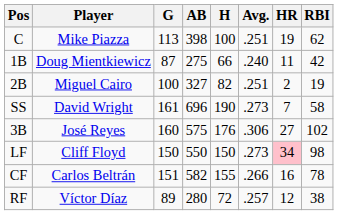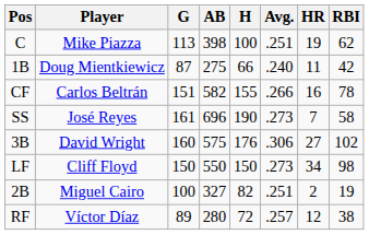 <table class="wikitable sortable">
 <tr>
 <th>Pos</th>
 <th>Player</th>
 <th>G</th>
 <th>AB</th>
 <th>H</th>
 <th>Avg.</th>
 <th>HR</th>
 <th>RBI</th>
 </tr>
 <tr align="center">
 <td>C</td>
 <td><a href='#'>Mike Piazza</a></td>
 <td>113</td>
 <td>398</td>
 <td>100</td>
 <td>.251</td>
 <td>19</td>
 <td>62</td>
 </tr>
 <tr align="center">
 <td>1B</td>
 <td><a href='#'>Doug Mientkiewicz</a></td>
 <td>87</td>
 <td>275</td>
 <td>66</td>
 <td>.240</td>
 <td>11</td>
 <td>42</td>
 </tr>
 <tr align="center">
-<td>2B</td>
-<td><a href='#'>Miguel Cairo</a></td>
-<td>100</td>
-<td>327</td>
-<td>82</td>
-<td>.251</td>
-<td>2</td>
-<td>19</td>
+<td>CF</td>
+<td><a href='#'>Carlos Beltrán</a></td>
+<td>151</td>
+<td>582</td>
+<td>155</td>
+<td>.266</td>
+<td>16</td>
+<td>78</td>
 </tr>
 <tr align="center">
 <td>SS</td>
-<td><a href='#'>David Wright</a></td>
+<td><a href='#'>José Reyes</a></td>
 <td>161</td>
 <td>696</td>
 <td>190</td>
 <td>.273</td>
 <td>7</td>
 <td>58</td>
 </tr>
 <tr align=center>
 <td>3B</td>
-<td><a href='#'>José Reyes</a></td>
+<td><a href='#'>David Wright</a></td>
 <td>160</td>
 <td>575</td>
 <td>176</td>
 <td>.306</td>
 <td>27</td>
 <td>102</td>
 </tr>
 <tr align=center>
 <td>LF</td>
 <td><a href='#'>Cliff Floyd</a></td>
 <td>150</td>
 <td>550</td>
 <td>150</td>
 <td>.273</td>
-<td style="background: pink;">34</td>
+<td>34</td>
 <td>98</td>
 </tr>
 <tr align="center">
-<td>CF</td>
-<td><a href='#'>Carlos Beltrán</a></td>
-<td>151</td>
-<td>582</td>
-<td>155</td>
-<td>.266</td>
-<td>16</td>
-<td>78</td>
+<td>2B</td>
+<td><a href='#'>Miguel Cairo</a></td>
+<td>100</td>
+<td>327</td>
+<td>82</td>
+<td>.251</td>
+<td>2</td>
+<td>19</td>
 </tr>
 <tr align=center>
 <td>RF</td>
 <td><a href='#'>Víctor Díaz</a></td>
 <td>89</td>
 <td>280</td>
 <td>72</td>
 <td>.257</td>
 <td>12</td>
 <td>38</td>
 </tr>
 </table>
